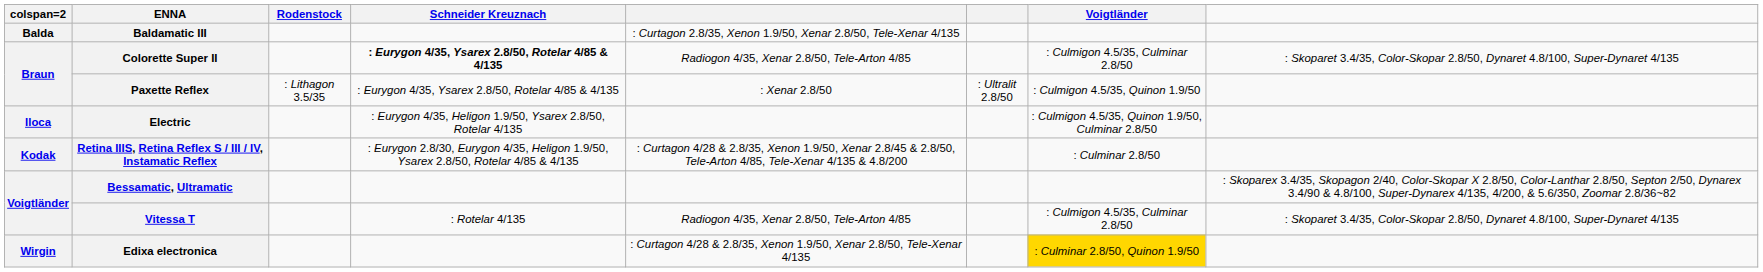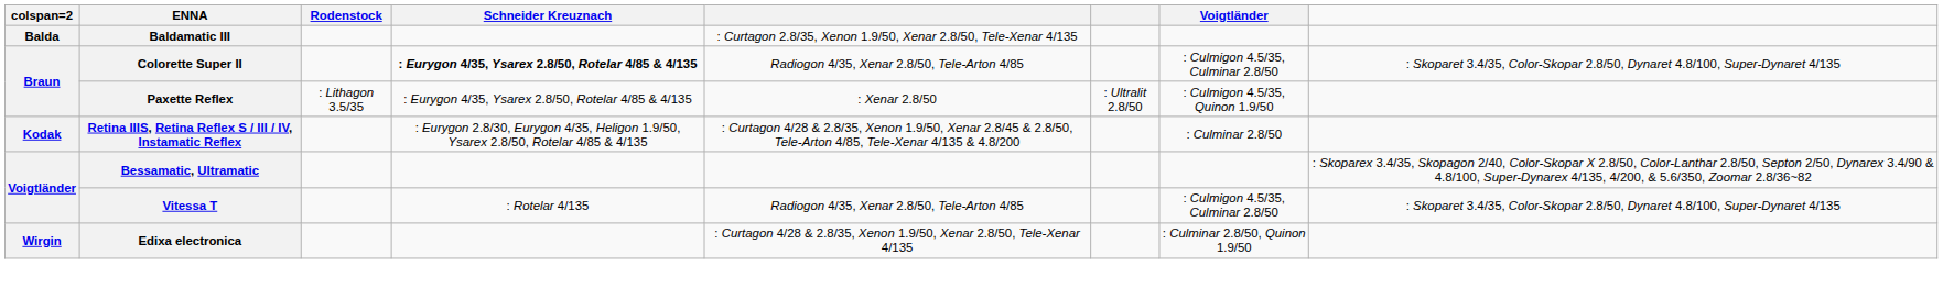 <table class="wikitable sortable" style="font-size:80%;text-align:center;">
 <tr>
 <th>colspan=2 </th>
 <th>ENNA</th>
 <th><a href='#'>Rodenstock</a></th>
 <th><a href='#'>Schneider Kreuznach</a></th>
 <th></th>
 <th></th>
 <th><a href='#'>Voigtländer</a></th>
 </tr>
 <tr>
 <th>Balda</th>
 <th>Baldamatic III</th>
 <td></td>
 <td></td>
 <td>: <em>Curtagon</em> 2.8/35, <em>Xenon</em> 1.9/50, <em>Xenar</em> 2.8/50, <em>Tele-Xenar</em> 4/135</td>
 <td></td>
 <td></td>
 <td></td>
 </tr>
 <tr>
 <th rowspan=2><a href='#'>Braun</a></th>
 <th>Colorette Super II</th>
 <td></td>
 <td><strong>: <em>Eurygon</em> 4/35, <em>Ysarex</em> 2.8/50, <em>Rotelar</em> 4/85 & 4/135</strong></td>
 <td> <em>Radiogon</em> 4/35, <em>Xenar</em> 2.8/50, <em>Tele-Arton</em> 4/85</td>
 <td></td>
 <td>: <em>Culmigon</em> 4.5/35, <em>Culminar</em> 2.8/50</td>
 <td>: <em>Skoparet</em> 3.4/35, <em>Color-Skopar</em> 2.8/50, <em>Dynaret</em> 4.8/100, <em>Super-Dynaret</em> 4/135</td>
 </tr>
 <tr>
 <th>Paxette Reflex</th>
 <td>: <em>Lithagon</em> 3.5/35</td>
 <td>: <em>Eurygon</em> 4/35, <em>Ysarex</em> 2.8/50, <em>Rotelar</em> 4/85 & 4/135</td>
 <td>: <em>Xenar</em> 2.8/50</td>
 <td>: <em>Ultralit</em> 2.8/50</td>
 <td>: <em>Culmigon</em> 4.5/35, <em>Quinon</em> 1.9/50</td>
 <td></td>
 </tr>
 <tr>
-<th><a href='#'>Iloca</a></th>
-<th>Electric</th>
-<td></td>
-<td>: <em>Eurygon</em> 4/35, <em>Heligon</em> 1.9/50, <em>Ysarex</em> 2.8/50, <em>Rotelar</em> 4/135</td>
-<td></td>
-<td></td>
-<td>: <em>Culmigon</em> 4.5/35, <em>Quinon</em> 1.9/50, <em>Culminar</em> 2.8/50</td>
-<td></td>
-</tr>
-<tr>
 <th><a href='#'>Kodak</a></th>
 <th><a href='#'>Retina IIIS</a>, <a href='#'>Retina Reflex S / III / IV</a>, <a href='#'>Instamatic Reflex</a></th>
 <td></td>
 <td>: <em>Eurygon</em> 2.8/30, <em>Eurygon</em> 4/35, <em>Heligon</em> 1.9/50, <em>Ysarex</em> 2.8/50, <em>Rotelar</em> 4/85 & 4/135</td>
 <td>: <em>Curtagon</em> 4/28 &  2.8/35, <em>Xenon</em> 1.9/50, <em>Xenar</em> 2.8/45 & 2.8/50, <em>Tele-Arton</em> 4/85, <em>Tele-Xenar</em> 4/135 & 4.8/200</td>
 <td></td>
 <td>: <em>Culminar</em> 2.8/50</td>
 <td></td>
 </tr>
 <tr>
 <th rowspan=2><a href='#'>Voigtländer</a></th>
 <th><a href='#'>Bessamatic</a>, <a href='#'>Ultramatic</a></th>
 <td></td>
 <td></td>
 <td></td>
 <td></td>
 <td></td>
 <td>: <em>Skoparex</em> 3.4/35, <em>Skopagon</em> 2/40, <em>Color-Skopar X</em> 2.8/50, <em>Color-Lanthar</em> 2.8/50, <em>Septon</em> 2/50, <em>Dynarex</em> 3.4/90 & 4.8/100, <em>Super-Dynarex</em> 4/135, 4/200, & 5.6/350, <em>Zoomar</em> 2.8/36~82</td>
 </tr>
 <tr>
 <th><a href='#'>Vitessa T</a></th>
 <td></td>
 <td>: <em>Rotelar</em> 4/135</td>
 <td> <em>Radiogon</em> 4/35, <em>Xenar</em> 2.8/50, <em>Tele-Arton</em> 4/85</td>
 <td></td>
 <td>: <em>Culmigon</em> 4.5/35, <em>Culminar</em> 2.8/50</td>
 <td>: <em>Skoparet</em> 3.4/35, <em>Color-Skopar</em> 2.8/50, <em>Dynaret</em> 4.8/100, <em>Super-Dynaret</em> 4/135</td>
 </tr>
 <tr>
 <th><a href='#'>Wirgin</a></th>
 <th>Edixa electronica</th>
 <td></td>
 <td></td>
 <td>: <em>Curtagon</em> 4/28 &  2.8/35, <em>Xenon</em> 1.9/50, <em>Xenar</em> 2.8/50, <em>Tele-Xenar</em> 4/135</td>
 <td></td>
-<td style="background: gold;">: <em>Culminar</em> 2.8/50, <em>Quinon</em> 1.9/50</td>
+<td>: <em>Culminar</em> 2.8/50, <em>Quinon</em> 1.9/50</td>
 <td></td>
 </tr>
 </table>
